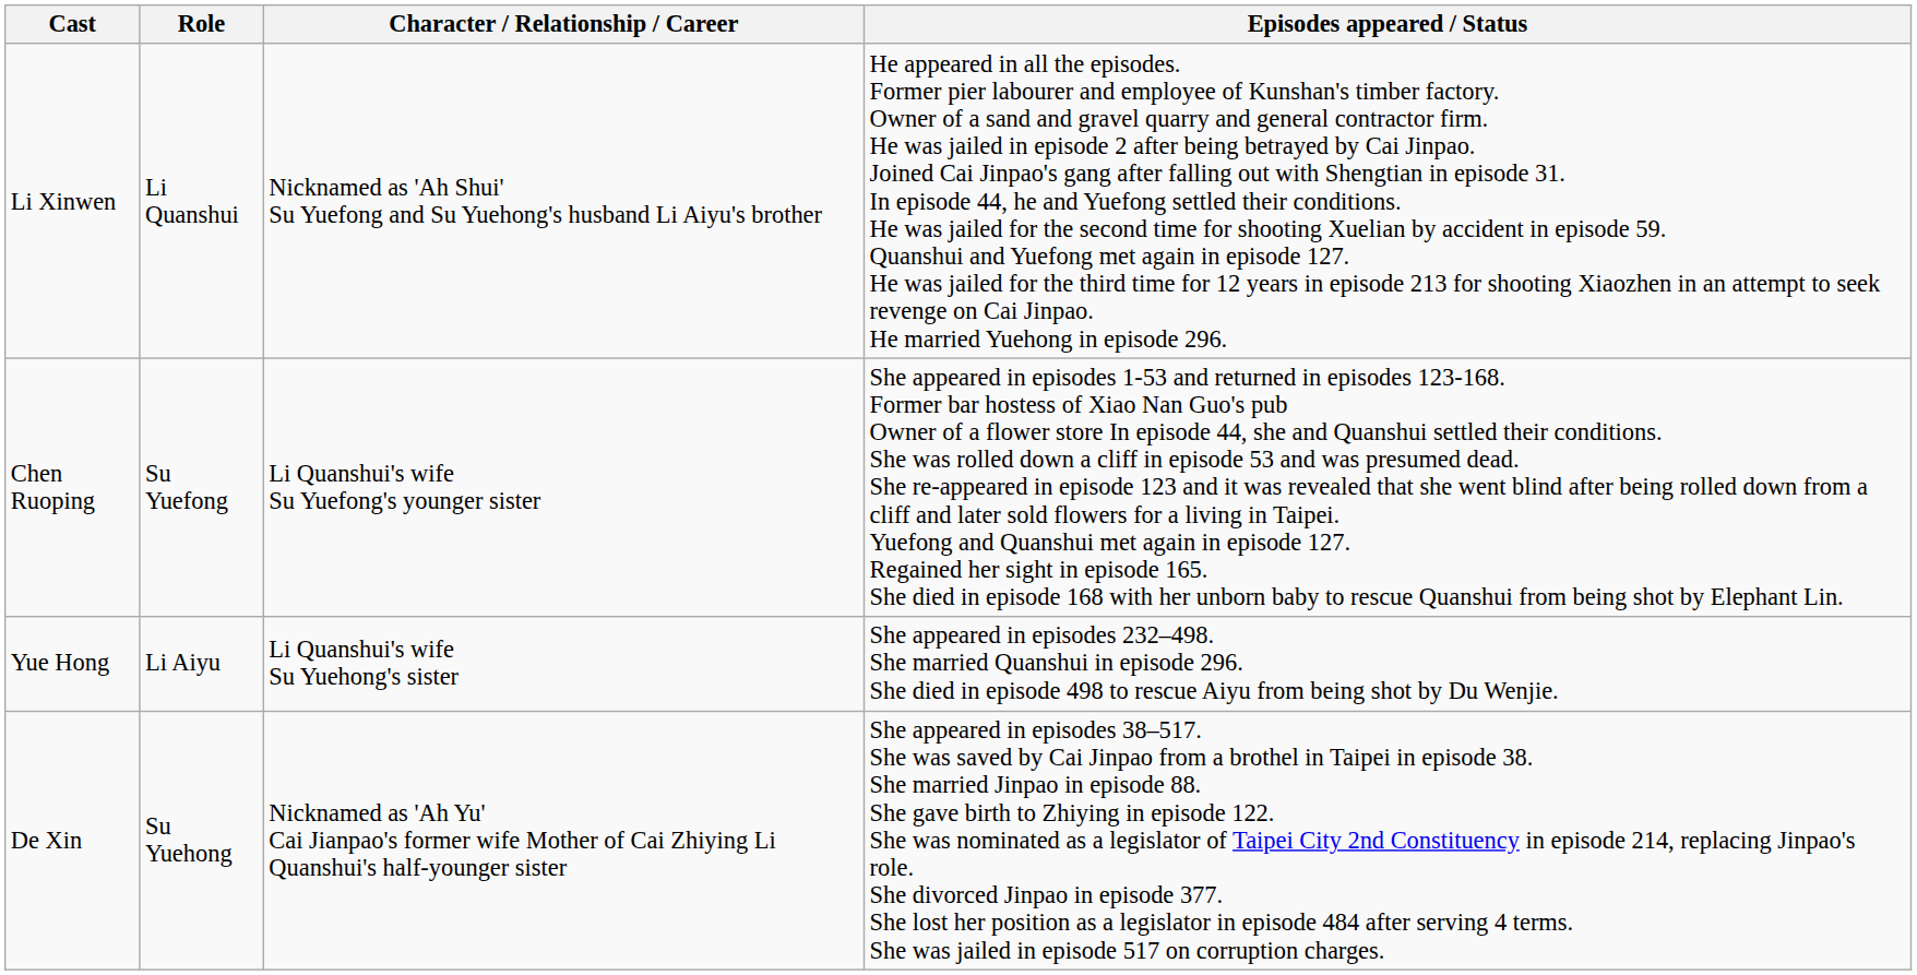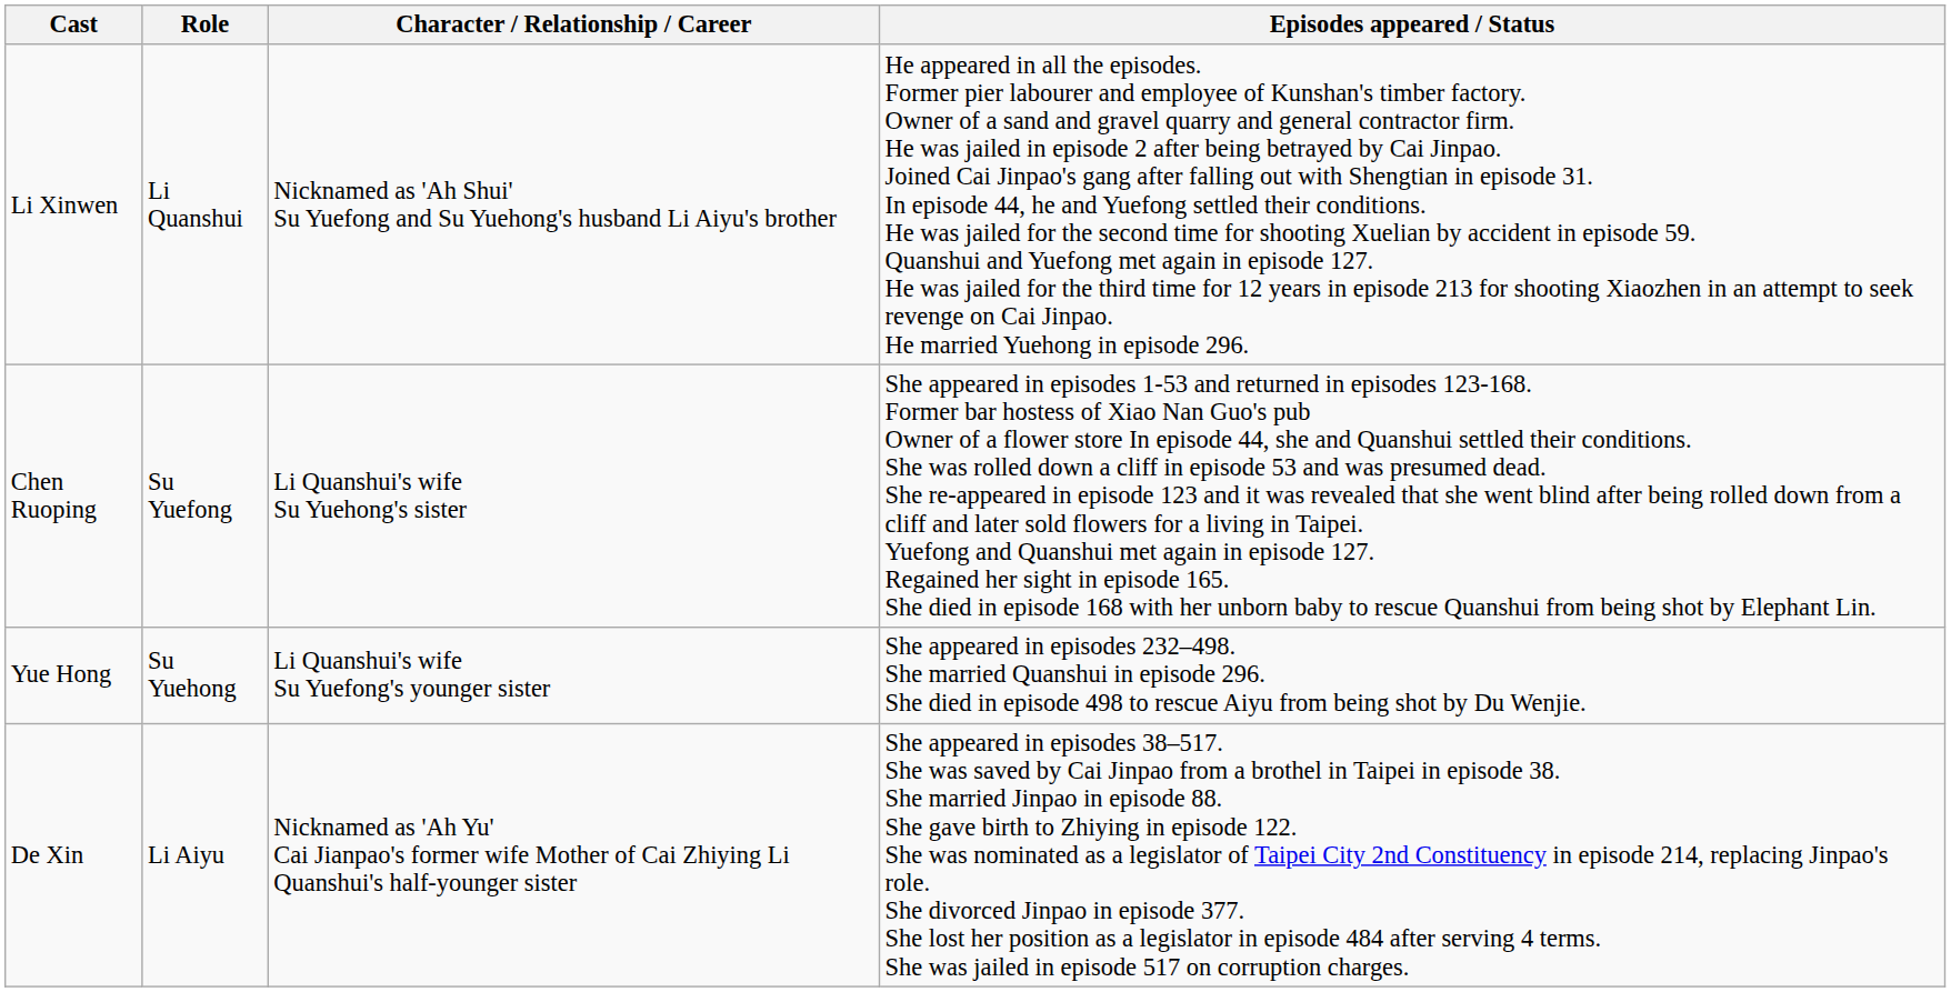 <table class="wikitable">
 <tr>
 <th>Cast</th>
 <th>Role</th>
 <th>Character / Relationship / Career</th>
 <th>Episodes appeared / Status</th>
 </tr>
 <tr>
 <td>Li Xinwen</td>
 <td>Li Quanshui</td>
 <td>Nicknamed as 'Ah Shui'<br>Su Yuefong and Su Yuehong's husband  Li Aiyu's brother</td>
 <td>He appeared in all the episodes.<br>Former pier labourer and employee of Kunshan's timber factory.<br>Owner of a sand and gravel quarry and general contractor firm.<br>He was jailed in episode 2 after being betrayed by Cai Jinpao.<br>Joined Cai Jinpao's gang after falling out with Shengtian in episode 31.<br>In episode 44, he and Yuefong settled their conditions.<br>He was jailed for the second time for shooting Xuelian by accident in episode 59.<br>Quanshui and Yuefong met again in episode 127.<br>He was jailed for the third time for 12 years in episode 213 for shooting Xiaozhen in an attempt to seek revenge on Cai Jinpao.<br>He married Yuehong in episode 296.</td>
 </tr>
 <tr>
 <td>Chen Ruoping</td>
 <td>Su Yuefong</td>
-<td>Li Quanshui's wife<br>Su Yuefong's younger sister</td>
+<td>Li Quanshui's wife<br>Su Yuehong's sister</td>
 <td>She appeared in episodes 1-53 and returned in episodes 123-168.<br>Former bar hostess of Xiao Nan Guo's pub<br>Owner of a flower store  In episode 44, she and Quanshui settled their conditions.<br>She was rolled down a cliff in episode 53 and was presumed dead.<br>She re-appeared in episode 123 and it was revealed that she went blind after being rolled down from a cliff and later sold flowers for a living in Taipei.<br>Yuefong and Quanshui met again in episode 127.<br>Regained her sight in episode 165.<br>She died in episode 168 with her unborn baby to rescue Quanshui from being shot by Elephant Lin.</td>
 </tr>
 <tr>
 <td>Yue Hong</td>
-<td>Li Aiyu</td>
-<td>Li Quanshui's wife<br>Su Yuehong's sister</td>
+<td>Su Yuehong</td>
+<td>Li Quanshui's wife<br>Su Yuefong's younger sister</td>
 <td>She appeared in episodes 232–498.<br>She married Quanshui in episode 296.<br>She died in episode 498 to rescue Aiyu from being shot by Du Wenjie.</td>
 </tr>
 <tr>
 <td>De Xin</td>
-<td>Su Yuehong</td>
+<td>Li Aiyu</td>
 <td>Nicknamed as 'Ah Yu'<br>Cai Jianpao's former wife  Mother of Cai Zhiying  Li Quanshui's half-younger sister</td>
 <td>She appeared in episodes 38–517.<br>She was saved by Cai Jinpao from a brothel in Taipei in episode 38.<br>She married Jinpao in episode 88.<br>She gave birth to Zhiying in episode 122.<br>She was nominated as a legislator of <a href='#'>Taipei City 2nd Constituency</a> in episode 214, replacing Jinpao's role.<br>She divorced Jinpao in episode 377.<br>She lost her position as a legislator in episode 484 after serving 4 terms.<br>She was jailed in episode 517 on corruption charges.</td>
 </tr>
 </table>
